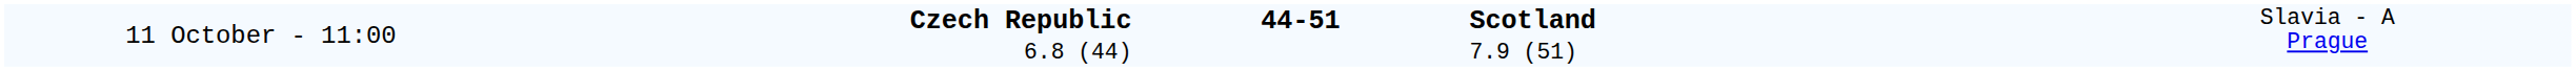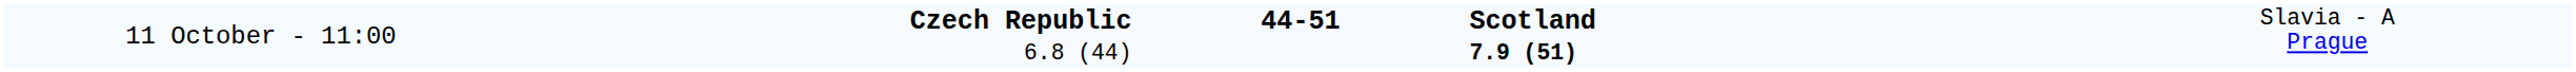 <table style="width: 100%; background:#F5FAFF;" cellspacing="0">
 <tr>
 <td style=font-size:95% align=center rowspan=3 width=20%>11 October - 11:00</td>
 </tr>
 <tr>
 <td width=24% align=right><strong>Czech Republic</strong></td>
 <td align=center width=13%><strong>44-51</strong></td>
 <td width=24%><strong>Scotland</strong></td>
 <td style=font-size:85% rowspan=3 valign=top align=center>Slavia - A <br><a href='#'>Prague</a></td>
 </tr>
 <tr style=font-size:85%>
 <td align=right>6.8 (44)</td>
 <td align=center></td>
-<td>7.9 (51)</td>
+<td><strong>7.9 (51)</strong></td>
 </tr>
 </table>
